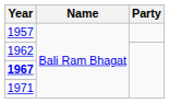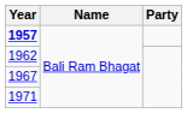 <table class="wikitable sortable">
 <tr>
 <th>Year</th>
 <th>Name</th>
 <th colspan="2">Party</th>
 </tr>
 <tr>
-<td><a href='#'>1957</a></td>
+<td><strong><a href='#'>1957</a></strong></td>
 <td rowspan="4"><a href='#'>Bali Ram Bhagat</a></td>
 <td></td>
 </tr>
 <tr>
 <td><a href='#'>1962</a></td>
 </tr>
 <tr>
-<td><strong><a href='#'>1967</a></strong></td>
+<td><a href='#'>1967</a></td>
 </tr>
 <tr>
 <td><a href='#'>1971</a></td>
 </tr>
 </table>
